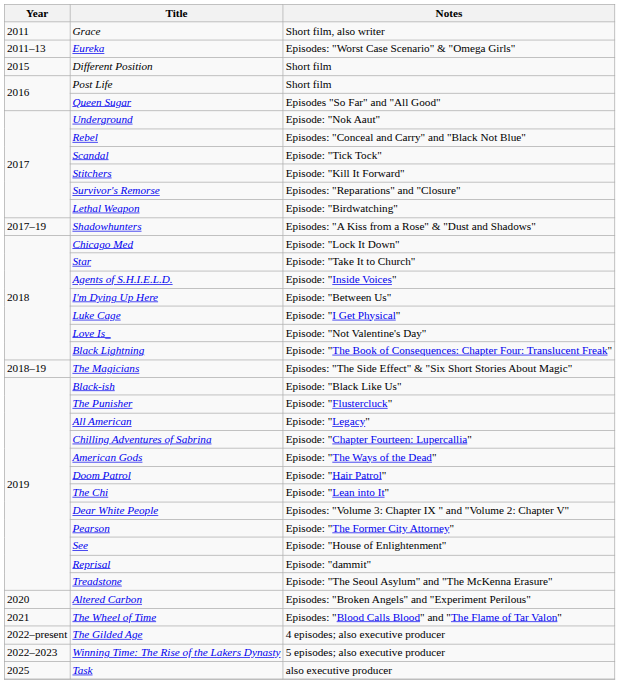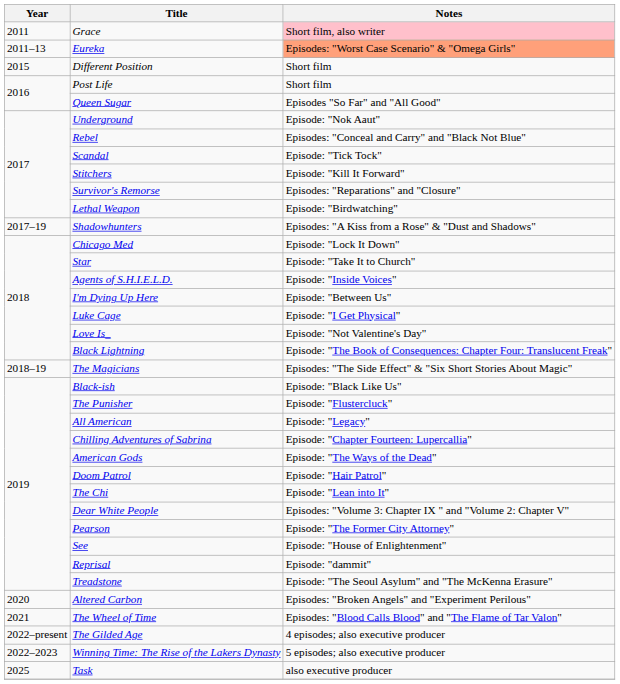 <table class="wikitable sortable">
 <tr>
 <th>Year</th>
 <th>Title</th>
 <th class="unsortable">Notes</th>
 </tr>
 <tr>
 <td>2011</td>
 <td><em>Grace</em></td>
-<td>Short film, also writer</td>
+<td style="background: pink;">Short film, also writer</td>
 </tr>
 <tr>
 <td>2011–13</td>
 <td><em><a href='#'>Eureka</a></em></td>
-<td>Episodes: "Worst Case Scenario" & "Omega Girls"</td>
+<td style="background: lightsalmon;">Episodes: "Worst Case Scenario" & "Omega Girls"</td>
 </tr>
 <tr>
 <td>2015</td>
 <td><em>Different Position</em></td>
 <td>Short film</td>
 </tr>
 <tr>
 <td rowspan="2">2016</td>
 <td><em>Post Life</em></td>
 <td>Short film</td>
 </tr>
 <tr>
 <td><em><a href='#'>Queen Sugar</a></em></td>
 <td>Episodes "So Far" and "All Good"</td>
 </tr>
 <tr>
 <td rowspan="6">2017</td>
 <td><em><a href='#'>Underground</a></em></td>
 <td>Episode: "Nok Aaut"</td>
 </tr>
 <tr>
 <td><em><a href='#'>Rebel</a></em></td>
 <td>Episodes: "Conceal and Carry" and "Black Not Blue"</td>
 </tr>
 <tr>
 <td><em><a href='#'>Scandal</a> </em></td>
 <td>Episode: "Tick Tock"</td>
 </tr>
 <tr>
 <td><em><a href='#'>Stitchers</a></em></td>
 <td>Episode: "Kill It Forward"</td>
 </tr>
 <tr>
 <td><em><a href='#'>Survivor's Remorse</a></em></td>
 <td>Episodes: "Reparations" and "Closure"</td>
 </tr>
 <tr>
 <td><em><a href='#'>Lethal Weapon</a></em></td>
 <td>Episode: "Birdwatching"</td>
 </tr>
 <tr>
 <td>2017–19</td>
 <td><em><a href='#'>Shadowhunters</a></em></td>
 <td>Episodes: "A Kiss from a Rose" & "Dust and Shadows"</td>
 </tr>
 <tr>
 <td rowspan="7">2018</td>
 <td><em><a href='#'>Chicago Med</a></em></td>
 <td>Episode: "Lock It Down"</td>
 </tr>
 <tr>
 <td><em><a href='#'>Star</a></em></td>
 <td>Episode: "Take It to Church"</td>
 </tr>
 <tr>
 <td><em><a href='#'>Agents of S.H.I.E.L.D.</a></em></td>
 <td>Episode: "<a href='#'>Inside Voices</a>"</td>
 </tr>
 <tr>
 <td><em><a href='#'>I'm Dying Up Here</a></em></td>
 <td>Episode: "Between Us"</td>
 </tr>
 <tr>
 <td><em><a href='#'>Luke Cage</a></em></td>
 <td>Episode: "<a href='#'>I Get Physical</a>"</td>
 </tr>
 <tr>
 <td><em><a href='#'>Love Is_</a></em></td>
 <td>Episode: "Not Valentine's Day"</td>
 </tr>
 <tr>
 <td><em><a href='#'>Black Lightning</a></em></td>
 <td>Episode: "<a href='#'>The Book of Consequences: Chapter Four: Translucent Freak</a>"</td>
 </tr>
 <tr>
 <td>2018–19</td>
 <td><em><a href='#'>The Magicians</a></em></td>
 <td>Episodes: "The Side Effect" & "Six Short Stories About Magic"</td>
 </tr>
 <tr>
 <td rowspan="12">2019</td>
 <td><em><a href='#'>Black-ish</a></em></td>
 <td>Episode: "Black Like Us"</td>
 </tr>
 <tr>
 <td><em><a href='#'>The Punisher</a></em></td>
 <td>Episode: "<a href='#'>Flustercluck</a>"</td>
 </tr>
 <tr>
 <td><em><a href='#'>All American</a></em></td>
 <td>Episode: "<a href='#'>Legacy</a>"</td>
 </tr>
 <tr>
 <td><em><a href='#'>Chilling Adventures of Sabrina</a></em></td>
 <td>Episode: "<a href='#'>Chapter Fourteen: Lupercallia</a>"</td>
 </tr>
 <tr>
 <td><em><a href='#'>American Gods</a></em></td>
 <td>Episode: "<a href='#'>The Ways of the Dead</a>"</td>
 </tr>
 <tr>
 <td><em><a href='#'>Doom Patrol</a></em></td>
 <td>Episode: "<a href='#'>Hair Patrol</a>"</td>
 </tr>
 <tr>
 <td><em><a href='#'>The Chi</a></em></td>
 <td>Episode: "<a href='#'>Lean into It</a>"</td>
 </tr>
 <tr>
 <td><em><a href='#'>Dear White People</a></em></td>
 <td>Episodes: "Volume 3: Chapter IX " and "Volume 2: Chapter V"</td>
 </tr>
 <tr>
 <td><em><a href='#'>Pearson</a></em></td>
 <td>Episode: "<a href='#'>The Former City Attorney</a>"</td>
 </tr>
 <tr>
 <td><em><a href='#'>See</a></em></td>
 <td>Episode: "House of Enlightenment"</td>
 </tr>
 <tr>
 <td><em><a href='#'>Reprisal</a></em></td>
 <td>Episode: "dammit"</td>
 </tr>
 <tr>
 <td><em><a href='#'>Treadstone</a></em></td>
 <td>Episode: "The Seoul Asylum" and "The McKenna Erasure"</td>
 </tr>
 <tr>
 <td>2020</td>
 <td><em><a href='#'>Altered Carbon</a></em></td>
 <td>Episodes: "Broken Angels" and "Experiment Perilous"</td>
 </tr>
 <tr>
 <td>2021</td>
 <td><em><a href='#'>The Wheel of Time</a> </em></td>
 <td>Episodes: "<a href='#'>Blood Calls Blood</a>" and "<a href='#'>The Flame of Tar Valon</a>"</td>
 </tr>
 <tr>
 <td>2022–present</td>
 <td><em><a href='#'>The Gilded Age</a></em></td>
 <td>4 episodes; also executive producer</td>
 </tr>
 <tr>
 <td>2022–2023</td>
 <td><em><a href='#'>Winning Time: The Rise of the Lakers Dynasty</a></em></td>
 <td>5 episodes; also executive producer</td>
 </tr>
 <tr>
 <td>2025</td>
 <td><em><a href='#'>Task</a></em></td>
 <td>also executive producer</td>
 </tr>
 <tr>
 </tr>
 </table>
